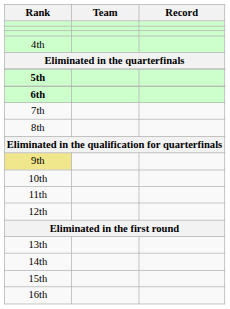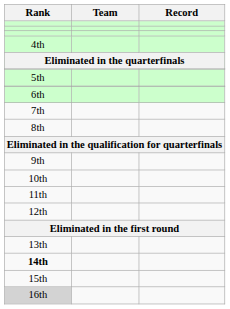 <table class=wikitable style="text-align:center;">
 <tr>
 <th>Rank</th>
 <th>Team</th>
 <th>Record</th>
 </tr>
 <tr bgcolor=ccffcc>
 <td></td>
 <td align=left></td>
 <td></td>
 </tr>
 <tr bgcolor=ccffcc>
 <td></td>
 <td align=left></td>
 <td></td>
 </tr>
 <tr bgcolor=ccffcc>
 <td></td>
 <td align=left></td>
 <td></td>
 </tr>
 <tr bgcolor=ccffcc>
 <td>4th</td>
 <td align=left></td>
 <td></td>
 </tr>
 <tr bgcolor=ccffcc>
 <th colspan=3>Eliminated in the quarterfinals</th>
 </tr>
 <tr>
 </tr>
 <tr bgcolor=ccffcc>
-<td><strong>5th</strong></td>
+<td>5th</td>
 <td align=left></td>
 <td></td>
 </tr>
 <tr>
 </tr>
 <tr bgcolor=ccffcc>
-<td><strong>6th</strong></td>
+<td>6th</td>
 <td align=left></td>
 <td></td>
 </tr>
 <tr>
 <td>7th</td>
 <td align=left></td>
 <td></td>
 </tr>
 <tr>
 <td>8th</td>
 <td align=left></td>
 <td></td>
 </tr>
 <tr>
 <th colspan=3>Eliminated in the qualification for quarterfinals</th>
 </tr>
 <tr>
-<td style="background: khaki;">9th</td>
+<td>9th</td>
 <td align=left></td>
 <td></td>
 </tr>
 <tr>
 <td>10th</td>
 <td align=left></td>
 <td></td>
 </tr>
 <tr>
 <td>11th</td>
 <td align=left></td>
 <td></td>
 </tr>
 <tr>
 <td>12th</td>
 <td align=left></td>
 <td></td>
 </tr>
 <tr>
 <th colspan=3>Eliminated in the first round</th>
 </tr>
 <tr>
 <td>13th</td>
 <td align=left></td>
 <td></td>
 </tr>
 <tr>
-<td>14th</td>
+<td><strong>14th</strong></td>
 <td align=left></td>
 <td></td>
 </tr>
 <tr>
 <td>15th</td>
 <td align=left></td>
 <td></td>
 </tr>
 <tr>
-<td>16th</td>
+<td style="background: lightgrey;">16th</td>
 <td align=left></td>
 <td></td>
 </tr>
 </table>
